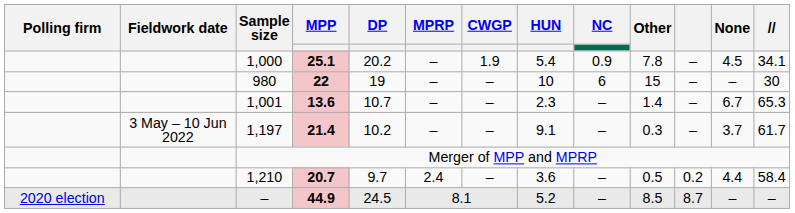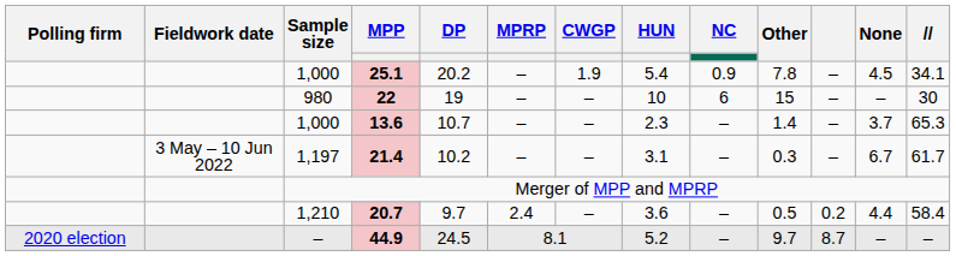 <table class="wikitable sortable tpl-blanktable" style="text-align:center;font-size:90%;line-height:14px;">
 <tr style="height:40px;">
 <th style="width:110px;" rowspan="2">Polling firm</th>
 <th style="width:110px;" rowspan="2">Fieldwork date</th>
 <th style="width: 35px;" rowspan="2">Sample<br>size</th>
 <th class="unsortable" style="width:50px;"><a href='#'>MPP</a></th>
 <th class="unsortable" style="width:50px;"><a href='#'>DP</a></th>
 <th class="unsortable" style="width:50px;"><a href='#'>MPRP</a></th>
 <th class="unsortable" style="width:50px;"><a href='#'>CWGP</a></th>
 <th class="unsortable" style="width:50px;"><a href='#'>HUN</a></th>
 <th class="unsortable" style="width:50px;"><a href='#'>NC</a></th>
 <th rowspan="2" class="unsortable" style="width:30px;">Other</th>
 <th class="unsortable" style="width:30px;" rowspan="2"></th>
 <th class="unsortable" style="width:30px;" rowspan="2">None</th>
 <th class="unsortable" style="width:30px;" rowspan="2">//<br></th>
 </tr>
 <tr>
 <th style="background:"></th>
 <th style="background:"></th>
 <th style="background:"></th>
 <th style="background:"></th>
 <th style="background:"></th>
 <th style="background:#066B55"></th>
 </tr>
 <tr>
 <td></td>
 <td></td>
 <td>1,000</td>
 <td style="background:#F4C6C9;"><strong>25.1</strong></td>
 <td>20.2</td>
 <td>–</td>
 <td>1.9</td>
 <td>5.4</td>
 <td>0.9</td>
 <td>7.8</td>
 <td>–</td>
 <td>4.5</td>
 <td>34.1</td>
 </tr>
 <tr>
 <td></td>
 <td></td>
 <td>980</td>
 <td style="background:#F4C6C9;"><strong>22</strong></td>
 <td>19</td>
 <td>–</td>
 <td>–</td>
 <td>10</td>
 <td>6</td>
 <td>15</td>
 <td>–</td>
 <td>–</td>
 <td>30</td>
 </tr>
 <tr>
 <td></td>
 <td></td>
-<td>1,001</td>
+<td>1,000</td>
 <td style="background:#F4C6C9;"><strong>13.6</strong></td>
 <td>10.7</td>
 <td>–</td>
 <td>–</td>
 <td>2.3</td>
 <td>–</td>
 <td>1.4</td>
 <td>–</td>
-<td>6.7</td>
+<td>3.7</td>
 <td>65.3</td>
 </tr>
 <tr>
 <td></td>
 <td data-sort-value="2022-06-10">3 May – 10 Jun 2022</td>
 <td>1,197</td>
 <td style="background:#F4C6C9;"><strong>21.4</strong></td>
 <td>10.2</td>
 <td>–</td>
 <td>–</td>
-<td>9.1</td>
+<td>3.1</td>
 <td>–</td>
 <td>0.3</td>
 <td>–</td>
-<td>3.7</td>
+<td>6.7</td>
 <td>61.7</td>
 </tr>
 <tr>
 <td></td>
 <td></td>
 <td colspan="11">Merger of <a href='#'>MPP</a> and <a href='#'>MPRP</a></td>
 </tr>
 <tr>
 <td></td>
 <td></td>
 <td>1,210</td>
 <td style="background:#F4C6C9;"><strong>20.7</strong></td>
 <td>9.7</td>
 <td>2.4</td>
 <td>–</td>
 <td>3.6</td>
 <td>–</td>
 <td>0.5</td>
 <td>0.2</td>
 <td>4.4</td>
 <td>58.4</td>
 </tr>
 <tr style="background:#E9E9E9;">
 <td><a href='#'>2020 election</a></td>
 <td></td>
 <td>–</td>
 <td style="background:#F4C6C9;"><strong>44.9</strong></td>
 <td>24.5</td>
 <td colspan="2">8.1</td>
 <td>5.2</td>
 <td>–</td>
-<td>8.5</td>
+<td>9.7</td>
 <td>8.7</td>
 <td>–</td>
 <td>–</td>
 </tr>
 </table>
